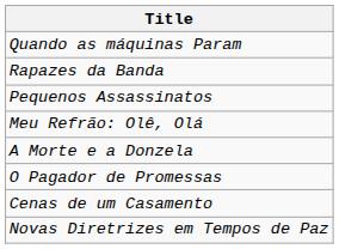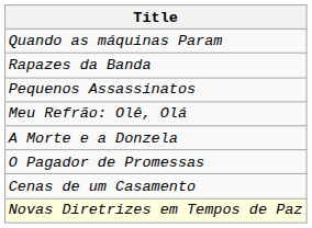 <table class="wikitable">
 <tr>
 <th>Title</th>
 </tr>
 <tr>
 <td><em>Quando as máquinas Param</em></td>
 </tr>
 <tr>
 <td><em>Rapazes da Banda</em></td>
 </tr>
 <tr>
 <td><em>Pequenos Assassinatos</em></td>
 </tr>
 <tr>
 <td><em>Meu Refrão: Olê, Olá</em></td>
 </tr>
 <tr>
 <td><em>A Morte e a Donzela</em></td>
 </tr>
 <tr>
 <td><em>O Pagador de Promessas</em></td>
 </tr>
 <tr>
 <td><em>Cenas de um Casamento</em></td>
 </tr>
 <tr>
-<td><em>Novas Diretrizes em Tempos de Paz</em></td>
+<td style="background: lightyellow;"><em>Novas Diretrizes em Tempos de Paz</em></td>
 </tr>
 </table>
